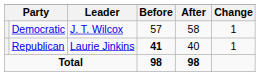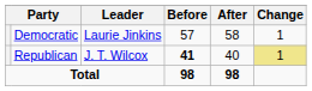 <table class="wikitable" style="text-align:center;">
 <tr>
 </tr>
 <tr>
 <th colspan=2>Party</th>
 <th>Leader</th>
 <th style="width:3em">Before</th>
 <th style="width:3em">After</th>
 <th style="width:3em">Change</th>
 </tr>
 <tr>
 <th style="background-color:"></th>
 <td style="text-align:left;"><a href='#'>Democratic</a></td>
-<td style="text-align:left;"><a href='#'>J. T. Wilcox</a></td>
+<td style="text-align:left;"><a href='#'>Laurie Jinkins</a></td>
 <td>57</td>
 <td>58</td>
 <td>1</td>
 </tr>
 <tr>
 <th style="background-color:"></th>
 <td style="text-align:left;"><a href='#'>Republican</a></td>
-<td style="text-align:left;"><a href='#'>Laurie Jinkins</a></td>
+<td style="text-align:left;"><a href='#'>J. T. Wilcox</a></td>
 <td><strong>41</strong></td>
 <td>40</td>
-<td>1</td>
+<td style="background: khaki;">1</td>
 </tr>
 <tr>
 <td colspan=3><strong>Total</strong></td>
 <td><strong>98</strong></td>
 <td><strong>98</strong></td>
 <td></td>
 </tr>
 </table>
